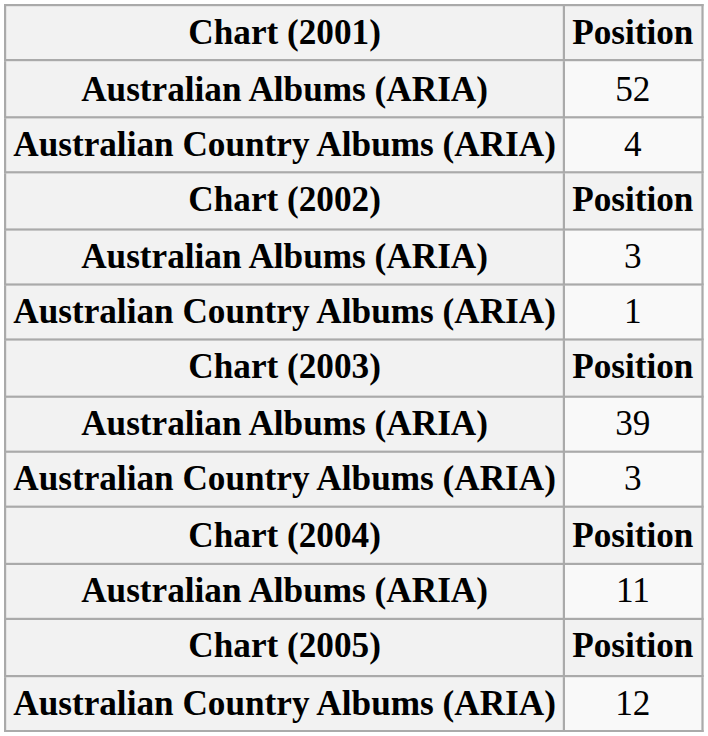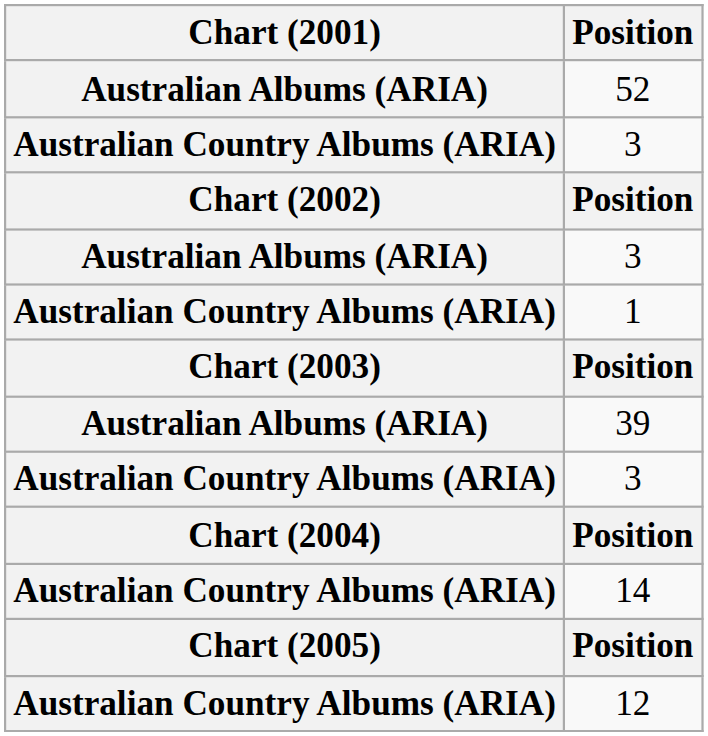 <table class="wikitable sortable plainrowheaders" style="text-align:center">
 <tr>
 <th scope="col">Chart (2001)</th>
 <th scope="col">Position</th>
 </tr>
 <tr>
 <th scope="row">Australian Albums (ARIA)</th>
 <td>52</td>
 </tr>
 <tr>
 <th scope="row">Australian Country Albums (ARIA)</th>
-<td>4</td>
+<td>3</td>
 </tr>
 <tr>
 <th scope="col">Chart (2002)</th>
 <th scope="col">Position</th>
 </tr>
 <tr>
 <th scope="row">Australian Albums (ARIA)</th>
 <td>3</td>
 </tr>
 <tr>
 <th scope="row">Australian Country Albums (ARIA)</th>
 <td>1</td>
 </tr>
 <tr>
 <th scope="col">Chart (2003)</th>
 <th scope="col">Position</th>
 </tr>
 <tr>
 <th scope="row">Australian Albums (ARIA)</th>
 <td>39</td>
 </tr>
 <tr>
 <th scope="row">Australian Country Albums (ARIA)</th>
 <td>3</td>
 </tr>
 <tr>
 <th scope="col">Chart (2004)</th>
 <th scope="col">Position</th>
 </tr>
 <tr>
-<th scope="row">Australian Albums (ARIA)</th>
-<td>11</td>
+<th scope="row">Australian Country Albums (ARIA)</th>
+<td>14</td>
 </tr>
 <tr>
 <th scope="col">Chart (2005)</th>
 <th scope="col">Position</th>
 </tr>
 <tr>
 <th scope="row">Australian Country Albums (ARIA)</th>
 <td>12</td>
 </tr>
 </table>
